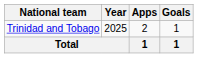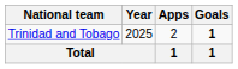 <table class="wikitable" style="text-align:center">
 <tr>
 <th>National team</th>
 <th>Year</th>
 <th>Apps</th>
 <th>Goals</th>
 </tr>
 <tr>
 <td><a href='#'>Trinidad and Tobago</a></td>
 <td>2025</td>
 <td>2</td>
-<td>1</td>
+<td><strong>1</strong></td>
 </tr>
 <tr>
 <th colspan="2">Total</th>
 <th>1</th>
 <th>1</th>
 </tr>
 </table>
